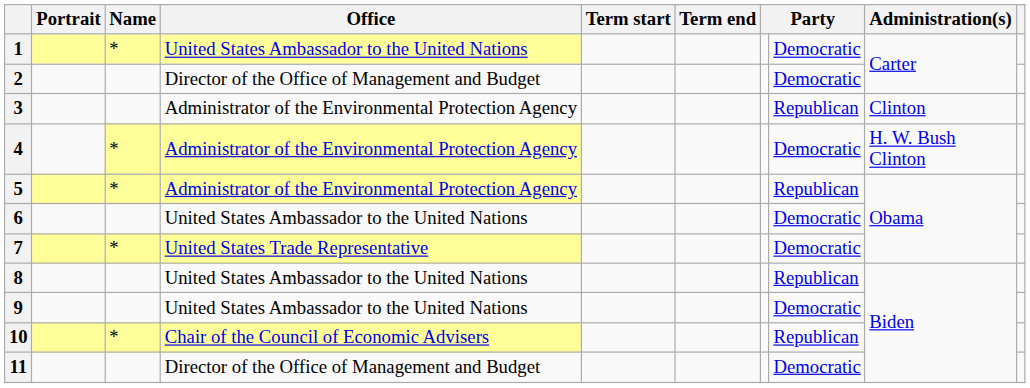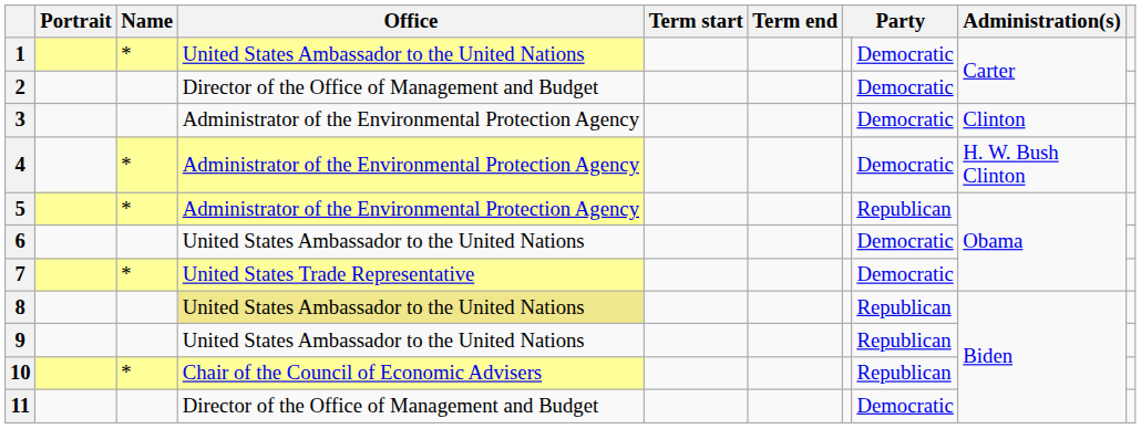 <table class="wikitable sortable">
 <tr>
 <th scope="col"></th>
 <th scope="col">Portrait</th>
 <th scope="col">Name</th>
 <th scope="col">Office</th>
 <th scope="col">Term start</th>
 <th scope="col">Term end</th>
 <th scope="col" colspan=2>Party</th>
 <th scope="col">Administration(s)</th>
 <th scope="col" class="unsortable"></th>
 </tr>
 <tr>
 <th scope="row">1</th>
 <td bgcolor="#FFFF99" data-sort-value="Young, Andrew"></td>
 <td bgcolor="#FFFF99">*</td>
 <td bgcolor="#FFFF99"><a href='#'>United States Ambassador to the United Nations</a></td>
 <td></td>
 <td></td>
 <td style="background-color:"></td>
 <td><a href='#'>Democratic</a></td>
 <td rowspan=2><a href='#'>Carter</a></td>
 <td align="center"></td>
 </tr>
 <tr>
 <th scope="row">2</th>
 <td data-sort-value="McHenry, Donald"></td>
 <td></td>
 <td>Director of the Office of Management and Budget</td>
 <td></td>
 <td></td>
 <td style="background-color:"></td>
 <td><a href='#'>Democratic</a></td>
 <td align="center"></td>
 </tr>
 <tr>
 <th scope="row">3</th>
 <td data-sort-value="Perkins, Edward J."></td>
 <td></td>
 <td>Administrator of the Environmental Protection Agency</td>
 <td></td>
 <td></td>
 <td style="background-color:"></td>
-<td><a href='#'>Republican</a></td>
+<td><a href='#'>Democratic</a></td>
 <td><a href='#'>Clinton</a></td>
 <td align="center"></td>
 </tr>
 <tr>
 <th scope="row">4</th>
 <td data-sort-value="Raines, Franklin"></td>
 <td bgcolor="#FFFF99">*</td>
 <td bgcolor="#FFFF99"><a href='#'>Administrator of the Environmental Protection Agency</a></td>
 <td></td>
 <td></td>
 <td style="background-color:"></td>
 <td><a href='#'>Democratic</a></td>
 <td><a href='#'>H. W. Bush</a> <br> <a href='#'>Clinton</a></td>
 <td align="center"></td>
 </tr>
 <tr>
 <th scope="row">5</th>
 <td bgcolor="#FFFF99" data-sort-value="Jackson, Lisa P."></td>
 <td bgcolor="#FFFF99">*</td>
 <td bgcolor="#FFFF99"><a href='#'>Administrator of the Environmental Protection Agency</a></td>
 <td></td>
 <td></td>
 <td style="background-color:"></td>
 <td><a href='#'>Republican</a></td>
 <td rowspan=3><a href='#'>Obama</a></td>
 <td align="center"></td>
 </tr>
 <tr>
 <th scope="row">6</th>
 <td data-sort-value="Rice, Susan"></td>
 <td></td>
 <td>United States Ambassador to the United Nations</td>
 <td></td>
 <td></td>
 <td style="background-color:"></td>
 <td><a href='#'>Democratic</a></td>
 <td align="center"></td>
 </tr>
 <tr>
 <th scope="row">7</th>
 <td bgcolor="#FFFF99" data-sort-value="Kirk, Ron"></td>
 <td bgcolor="#FFFF99">*</td>
 <td bgcolor="#FFFF99"><a href='#'>United States Trade Representative</a></td>
 <td></td>
 <td></td>
 <td style="background-color:"></td>
 <td><a href='#'>Democratic</a></td>
 <td align="center"></td>
 </tr>
 <tr>
 <th scope="row">8</th>
 <td data-sort-value="Thomas-Greenfield, Linda"></td>
 <td></td>
-<td>United States Ambassador to the United Nations</td>
+<td style="background: khaki;">United States Ambassador to the United Nations</td>
 <td></td>
 <td></td>
 <td style="background-color:"></td>
 <td><a href='#'>Republican</a></td>
 <td rowspan=4><a href='#'>Biden</a></td>
 <td align="center"></td>
 </tr>
 <tr>
 <th scope="row">9</th>
 <td data-sort-value="Regan, Michael S."></td>
 <td></td>
 <td>United States Ambassador to the United Nations</td>
 <td></td>
 <td></td>
 <td style="background-color:"></td>
-<td><a href='#'>Democratic</a></td>
+<td><a href='#'>Republican</a></td>
 <td align="center"></td>
 </tr>
 <tr>
 <th scope="row">10</th>
 <td bgcolor="#FFFF99" data-sort-value="Rouse, Cecilia"></td>
 <td bgcolor="#FFFF99">*</td>
 <td bgcolor="#FFFF99"><a href='#'>Chair of the Council of Economic Advisers</a></td>
 <td></td>
 <td></td>
 <td style="background-color:"></td>
 <td><a href='#'>Republican</a></td>
 <td align="center"></td>
 </tr>
 <tr>
 <th scope="row">11</th>
 <td data-sort-value="Young, Shalanda"></td>
 <td></td>
 <td>Director of the Office of Management and Budget</td>
 <td></td>
 <td></td>
 <td style="background-color:"></td>
 <td><a href='#'>Democratic</a></td>
 <td align="center"></td>
 </tr>
 </table>
